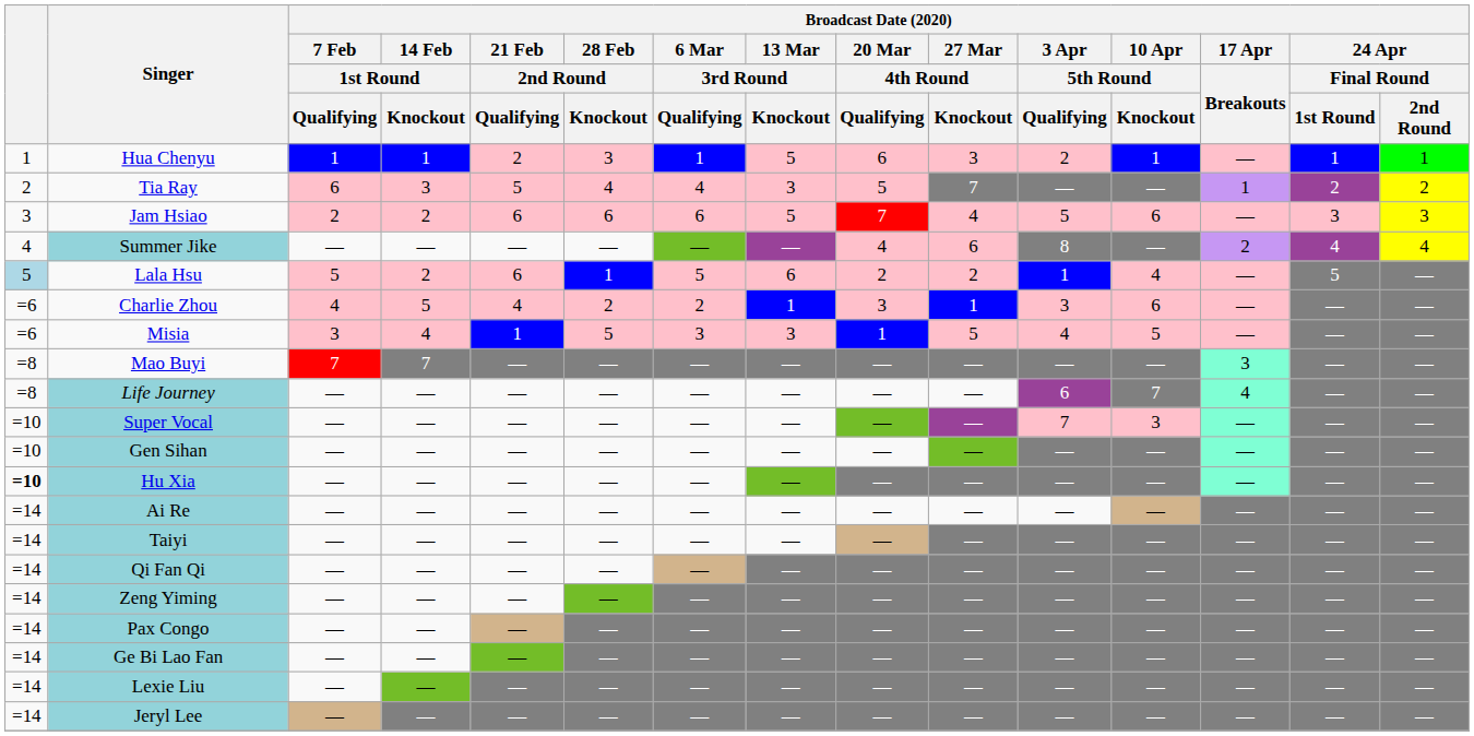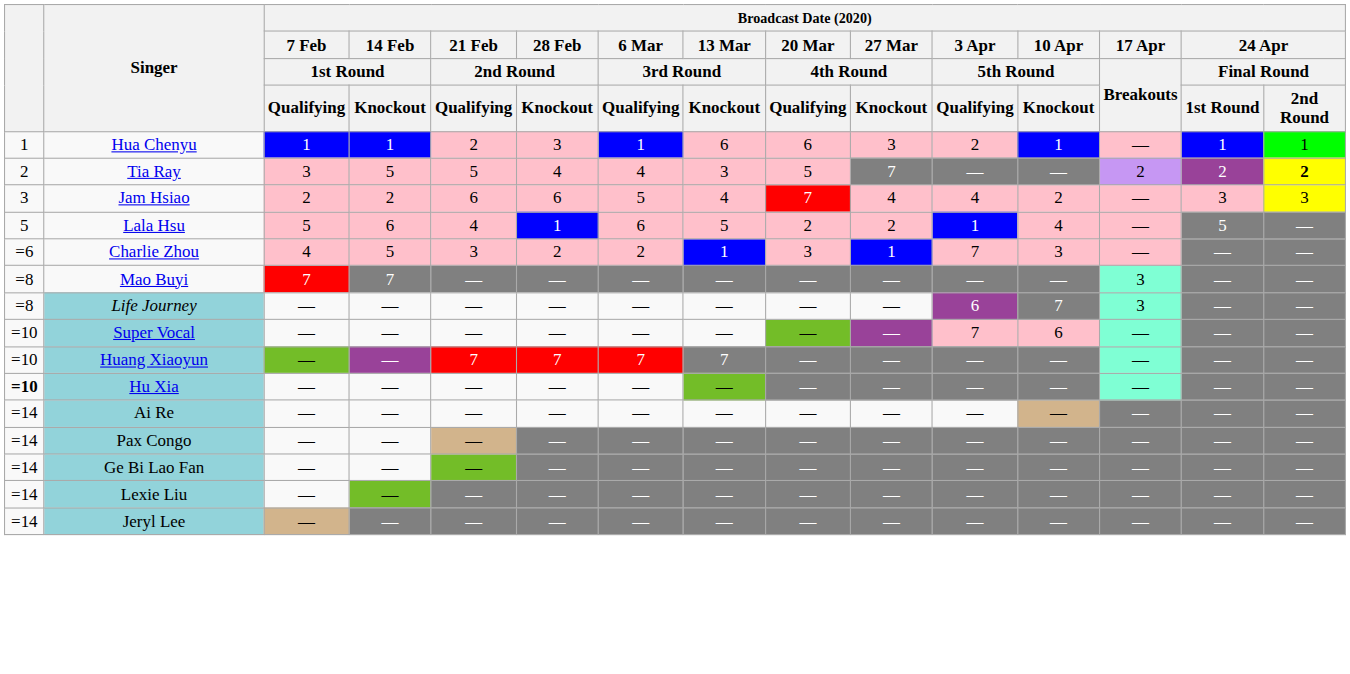 <table class="wikitable" style="text-align:center; font-size:100%">
 <tr>
 <th rowspan="4" width="30"></th>
 <th rowspan="4" width="200" class="unsortable">Singer</th>
 <th colspan="13”"><small>Broadcast Date (2020)</small></th>
 </tr>
 <tr>
 <th width="30">7 Feb</th>
 <th width="30">14 Feb</th>
 <th width="30">21 Feb</th>
 <th width="30">28 Feb</th>
 <th width="30">6 Mar</th>
 <th width="30">13 Mar</th>
 <th width="30">20 Mar</th>
 <th width="30">27 Mar</th>
 <th width="30">3 Apr</th>
 <th width="30">10 Apr</th>
 <th width="30">17 Apr</th>
 <th colspan="2" width="30">24 Apr</th>
 </tr>
 <tr>
 <th colspan="2">1st Round</th>
 <th colspan="2">2nd Round</th>
 <th colspan="2">3rd Round</th>
 <th colspan="2">4th Round</th>
 <th colspan="2">5th Round</th>
 <th rowspan="2">Breakouts</th>
 <th colspan="2">Final Round</th>
 </tr>
 <tr>
 <th width="70" data-sort-type="text">Qualifying</th>
 <th width="70" data-sort-type="text">Knockout</th>
 <th width="70" data-sort-type="text">Qualifying</th>
 <th width="70" data-sort-type="text">Knockout</th>
 <th width="70" data-sort-type="text">Qualifying</th>
 <th width="70" data-sort-type="text">Knockout</th>
 <th width="70" data-sort-type="text">Qualifying</th>
 <th width="70" data-sort-type="text">Knockout</th>
 <th width="70" data-sort-type="text">Qualifying</th>
 <th width="70" data-sort-type="text">Knockout</th>
 <th width="70" data-sort-type="text">1st Round</th>
 <th width="70">2nd Round</th>
 </tr>
 <tr>
 <td>1</td>
 <td><span><a href='#'></a></span> <a href='#'>Hua Chenyu</a></td>
 <td style="background: blue; color: white">1</td>
 <td style="background: blue; color: white">1</td>
 <td style="background: pink; color: black">2</td>
 <td style="background: pink; color: black">3</td>
 <td style="background: blue; color: white">1</td>
-<td style="background: pink; color: black">5</td>
+<td style="background: pink; color: black">6</td>
 <td style="background: pink; color: black">6</td>
 <td style="background: pink; color: black">3</td>
 <td style="background: pink; color: black">2</td>
 <td style="background: blue; color: white">1</td>
 <td style="background: pink; color: black">—</td>
 <td style="background: blue; color: white">1</td>
 <td style="background: lime; color: black">1 </td>
 </tr>
 <tr>
 <td>2</td>
 <td><span><a href='#'></a></span> <a href='#'>Tia Ray</a></td>
-<td style="background: pink; color: black">6</td>
 <td style="background: pink; color: black">3</td>
+<td style="background: pink; color: black">5</td>
 <td style="background: pink; color: black">5</td>
 <td style="background: pink; color: black">4</td>
 <td style="background: pink; color: black">4</td>
 <td style="background: pink; color: black">3</td>
 <td style="background: pink; color: black">5</td>
 <td style="background: grey; color: white">7</td>
 <td style="background: grey; color: white">—</td>
 <td style="background: grey; color: white">—</td>
-<td style="background:#C697F3; color: black">1</td>
+<td style="background:#C697F3; color: black">2</td>
 <td style="background:#994299; color: white">2</td>
-<td style="background: yellow; color: black">2 </td>
+<td style="background: yellow; color: black"><strong>2 </strong></td>
 </tr>
 <tr>
 <td>3</td>
 <td><span><a href='#'></a></span> <a href='#'>Jam Hsiao</a></td>
 <td style="background: pink; color: black">2</td>
 <td style="background: pink; color: black">2</td>
 <td style="background: pink; color: black">6</td>
 <td style="background: pink; color: black">6</td>
-<td style="background: pink; color: black">6</td>
 <td style="background: pink; color: black">5</td>
+<td style="background: pink; color: black">4</td>
 <td style="background: red; color: white">7</td>
 <td style="background: pink; color: black">4</td>
-<td style="background: pink; color: black">5</td>
-<td style="background: pink; color: black">6</td>
+<td style="background: pink; color: black">4</td>
+<td style="background: pink; color: black">2</td>
 <td style="background: pink; color: black">—</td>
 <td style="background: pink; color: black">3</td>
 <td style="background: yellow; color: black">3 </td>
 </tr>
 <tr>
-<td>4</td>
-<td style="background:#92D3DA; color: black">Summer Jike</td>
-<td>—</td>
-<td>—</td>
-<td>—</td>
-<td>—</td>
-<td style="background:#73BD28; color: black">—</td>
-<td style="background:#994299; color: white">—</td>
-<td style="background: pink; color: black">4</td>
-<td style="background: pink; color: black">6</td>
-<td style="background: grey; color: white">8</td>
-<td style="background: grey; color: white">—</td>
-<td style="background:#C697F3; color: black">2</td>
-<td style="background:#994299; color: white">4</td>
-<td style="background: yellow; color: black">4</td>
-</tr>
-<tr>
-<td style="background: lightblue;">5</td>
+<td>5</td>
 <td><span><a href='#'></a></span> <a href='#'>Lala Hsu</a></td>
 <td style="background: pink; color: black">5</td>
-<td style="background: pink; color: black">2</td>
 <td style="background: pink; color: black">6</td>
+<td style="background: pink; color: black">4</td>
 <td style="background: blue; color: white">1</td>
+<td style="background: pink; color: black">6</td>
 <td style="background: pink; color: black">5</td>
-<td style="background: pink; color: black">6</td>
 <td style="background: pink; color: black">2</td>
 <td style="background: pink; color: black">2</td>
 <td style="background: blue; color: white">1</td>
 <td style="background: pink; color: black">4</td>
 <td style="background: pink; color: black">—</td>
 <td style="background: grey; color: white">5</td>
 <td style="background: grey; color: white">—</td>
 </tr>
 <tr>
 <td>=6</td>
 <td><a href='#'>Charlie Zhou</a></td>
 <td style="background: pink; color: black">4</td>
 <td style="background: pink; color: black">5</td>
-<td style="background: pink; color: black">4</td>
+<td style="background: pink; color: black">3</td>
 <td style="background: pink; color: black">2</td>
 <td style="background: pink; color: black">2</td>
 <td style="background: blue; color: white">1</td>
 <td style="background: pink; color: black">3</td>
 <td style="background: blue; color: white">1</td>
+<td style="background: pink; color: black">7</td>
 <td style="background: pink; color: black">3</td>
-<td style="background: pink; color: black">6</td>
-<td style="background: pink; color: black">—</td>
-<td style="background: grey; color: white">—</td>
-<td style="background: grey; color: white">—</td>
-</tr>
-<tr>
-<td>=6</td>
-<td><a href='#'>Misia</a></td>
-<td style="background: pink; color: black">3</td>
-<td style="background: pink; color: black">4</td>
-<td style="background: blue; color: white">1</td>
-<td style="background: pink; color: black">5</td>
-<td style="background: pink; color: black">3</td>
-<td style="background: pink; color: black">3</td>
-<td style="background: blue; color: white">1</td>
-<td style="background: pink; color: black">5</td>
-<td style="background: pink; color: black">4</td>
-<td style="background: pink; color: black">5</td>
 <td style="background: pink; color: black">—</td>
 <td style="background: grey; color: white">—</td>
 <td style="background: grey; color: white">—</td>
 </tr>
 <tr>
 <td>=8</td>
 <td><a href='#'>Mao Buyi</a></td>
 <td style="background: red; color: white">7</td>
 <td style="background: grey; color: white">7</td>
 <td style="background: grey; color: white">—</td>
 <td style="background: grey; color: white">—</td>
 <td style="background: grey; color: white">—</td>
 <td style="background: grey; color: white">—</td>
 <td style="background: grey; color: white">—</td>
 <td style="background: grey; color: white">—</td>
 <td style="background: grey; color: white">—</td>
 <td style="background: grey; color: white">—</td>
 <td style="background:#7FFFD4; colour: black">3</td>
 <td style="background: grey; color: white">—</td>
 <td style="background: grey; color: white">—</td>
 </tr>
 <tr>
 <td>=8</td>
 <td style="background:#92D3DA; color: black"><em>Life Journey</em></td>
 <td>—</td>
 <td>—</td>
 <td>—</td>
 <td>—</td>
 <td>—</td>
 <td>—</td>
 <td>—</td>
 <td>—</td>
 <td style="background:#994299; color: white">6</td>
 <td style="background: grey; color: white">7</td>
-<td style="background:#7FFFD4; colour: black">4</td>
+<td style="background:#7FFFD4; colour: black">3</td>
 <td style="background: grey; color: white">—</td>
 <td style="background: grey; color: white">—</td>
 </tr>
 <tr>
 <td>=10</td>
 <td style="background:#92D3DA; color: black"><a href='#'>Super Vocal</a></td>
 <td>—</td>
 <td>—</td>
 <td>—</td>
 <td>—</td>
 <td>—</td>
 <td>—</td>
 <td style="background:#73BD28; color: black">—</td>
 <td style="background:#994299; color: white">—</td>
 <td style="background: pink; color: black">7</td>
-<td style="background: pink; color: black">3</td>
+<td style="background: pink; color: black">6</td>
 <td style="background:#7FFFD4; color:black">—</td>
 <td style="background:grey; color:white">—</td>
 <td style="background:grey; color:white">—</td>
 </tr>
 <tr>
 <td>=10</td>
-<td style="background:#92D3DA; color: black">Gen Sihan</td>
-<td>—</td>
-<td>—</td>
-<td>—</td>
-<td>—</td>
-<td>—</td>
-<td>—</td>
-<td>—</td>
+<td style="background:#92D3DA; color: black"><a href='#'>Huang Xiaoyun</a></td>
 <td style="background:#73BD28; color: black">—</td>
+<td style="background:#994299; color: white">—</td>
+<td style="background: red; color: white">7</td>
+<td style="background: red; color: white">7</td>
+<td style="background: red; color: white">7</td>
+<td style="background: grey; color: white">7</td>
+<td style="background: grey; color: white">—</td>
+<td style="background: grey; color: white">—</td>
 <td style="background: grey; color: white">—</td>
 <td style="background: grey; color: white">—</td>
 <td style="background:#7FFFD4; color: black">—</td>
 <td style="background: grey; color: white">—</td>
 <td style="background: grey; color: white">—</td>
 </tr>
 <tr>
 <td><strong>=10</strong></td>
 <td style="background:#92D3DA; color: black"><a href='#'>Hu Xia</a></td>
 <td>—</td>
 <td>—</td>
 <td>—</td>
 <td>—</td>
 <td>—</td>
 <td style="background:#73BD28; color: black">—</td>
 <td style="background: grey; color: white">—</td>
 <td style="background: grey; color: white">—</td>
 <td style="background: grey; color: white">—</td>
 <td style="background: grey; color: white">—</td>
 <td style="background:#7FFFD4; color: black">—</td>
 <td style="background: grey; color: white">—</td>
 <td style="background: grey; color: white">—</td>
 </tr>
 <tr>
 <td>=14</td>
 <td style="background:#92D3DA; color: black">Ai Re</td>
 <td>—</td>
 <td>—</td>
 <td>—</td>
 <td>—</td>
 <td>—</td>
 <td>—</td>
 <td>—</td>
 <td>—</td>
 <td>—</td>
 <td style="background: tan; color: black">—</td>
-<td style="background: grey; color: white">—</td>
-<td style="background: grey; color: white">—</td>
-<td style="background: grey; color: white">—</td>
-</tr>
-<tr>
-<td>=14</td>
-<td style="background:#92D3DA; color: black">Taiyi</td>
-<td>—</td>
-<td>—</td>
-<td>—</td>
-<td>—</td>
-<td>—</td>
-<td>—</td>
-<td style="background: tan; color: black">—</td>
-<td style="background: grey; color: white">—</td>
-<td style="background: grey; color: white">—</td>
-<td style="background: grey; color: white">—</td>
-<td style="background: grey; color: white">—</td>
-<td style="background: grey; color: white">—</td>
-<td style="background: grey; color: white">—</td>
-</tr>
-<tr>
-<td>=14</td>
-<td style="background:#92D3DA; color: black">Qi Fan Qi</td>
-<td>—</td>
-<td>—</td>
-<td>—</td>
-<td>—</td>
-<td style="background: tan; color: black">—</td>
-<td style="background: grey; color: white">—</td>
-<td style="background: grey; color: white">—</td>
-<td style="background: grey; color: white">—</td>
-<td style="background: grey; color: white">—</td>
-<td style="background: grey; color: white">—</td>
-<td style="background: grey; color: white">—</td>
-<td style="background: grey; color: white">—</td>
-<td style="background: grey; color: white">—</td>
-</tr>
-<tr>
-<td>=14</td>
-<td style="background:#92D3DA; color: black">Zeng Yiming</td>
-<td>—</td>
-<td>—</td>
-<td>—</td>
-<td style="background:#73BD28; color: black">—</td>
-<td style="background: grey; color: white">—</td>
-<td style="background: grey; color: white">—</td>
-<td style="background: grey; color: white">—</td>
-<td style="background: grey; color: white">—</td>
-<td style="background: grey; color: white">—</td>
-<td style="background: grey; color: white">—</td>
 <td style="background: grey; color: white">—</td>
 <td style="background: grey; color: white">—</td>
 <td style="background: grey; color: white">—</td>
 </tr>
 <tr>
 <td>=14</td>
 <td style="background:#92D3DA; color: black">Pax Congo</td>
 <td>—</td>
 <td>—</td>
 <td style="background: tan; color: black">—</td>
 <td style="background: grey; color: white">—</td>
 <td style="background: grey; color: white">—</td>
 <td style="background: grey; color: white">—</td>
 <td style="background: grey; color: white">—</td>
 <td style="background: grey; color: white">—</td>
 <td style="background: grey; color: white">—</td>
 <td style="background: grey; color: white">—</td>
 <td style="background: grey; color: white">—</td>
 <td style="background: grey; color: white">—</td>
 <td style="background: grey; color: white">—</td>
 </tr>
 <tr>
 <td>=14</td>
 <td style="background:#92D3DA; color: black">Ge Bi Lao Fan</td>
 <td>—</td>
 <td>—</td>
 <td style="background:#73BD28; color: black">—</td>
 <td style="background: grey; color: white">—</td>
 <td style="background: grey; color: white">—</td>
 <td style="background: grey; color: white">—</td>
 <td style="background: grey; color: white">—</td>
 <td style="background: grey; color: white">—</td>
 <td style="background: grey; color: white">—</td>
 <td style="background: grey; color: white">—</td>
 <td style="background: grey; color: white">—</td>
 <td style="background: grey; color: white">—</td>
 <td style="background: grey; color: white">—</td>
 </tr>
 <tr>
 <td>=14</td>
 <td style="background:#92D3DA; color: black">Lexie Liu</td>
 <td>—</td>
 <td style="background:#73BD28; color: black">—</td>
 <td style="background: grey; color: white">—</td>
 <td style="background: grey; color: white">—</td>
 <td style="background: grey; color: white">—</td>
 <td style="background: grey; color: white">—</td>
 <td style="background: grey; color: white">—</td>
 <td style="background: grey; color: white">—</td>
 <td style="background: grey; color: white">—</td>
 <td style="background: grey; color: white">—</td>
 <td style="background: grey; color: white">—</td>
 <td style="background: grey; color: white">—</td>
 <td style="background: grey; color: white">—</td>
 </tr>
 <tr>
 <td>=14</td>
 <td style="background:#92D3DA; color: black">Jeryl Lee</td>
 <td style="background: tan; color: black">—</td>
 <td style="background: grey; color: white">—</td>
 <td style="background: grey; color: white">—</td>
 <td style="background: grey; color: white">—</td>
 <td style="background: grey; color: white">—</td>
 <td style="background: grey; color: white">—</td>
 <td style="background: grey; color: white">—</td>
 <td style="background: grey; color: white">—</td>
 <td style="background: grey; color: white">—</td>
 <td style="background: grey; color: white">—</td>
 <td style="background: grey; color: white">—</td>
 <td style="background: grey; color: white">—</td>
 <td style="background: grey; color: white">—</td>
 </tr>
 <tr>
 </tr>
 </table>
